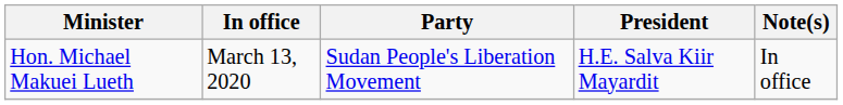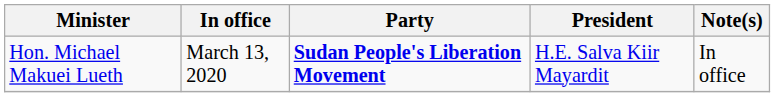 <table class="wikitable">
 <tr>
 <th>Minister</th>
 <th>In office</th>
 <th>Party</th>
 <th>President</th>
 <th>Note(s)</th>
 </tr>
 <tr>
 <td><a href='#'>Hon. Michael Makuei Lueth</a></td>
 <td>March 13, 2020</td>
-<td><a href='#'>Sudan People's Liberation Movement</a></td>
+<td><strong><a href='#'>Sudan People's Liberation Movement</a></strong></td>
 <td><a href='#'>H.E. Salva Kiir Mayardit</a></td>
 <td>In office</td>
 </tr>
 <tr>
 </tr>
 </table>
